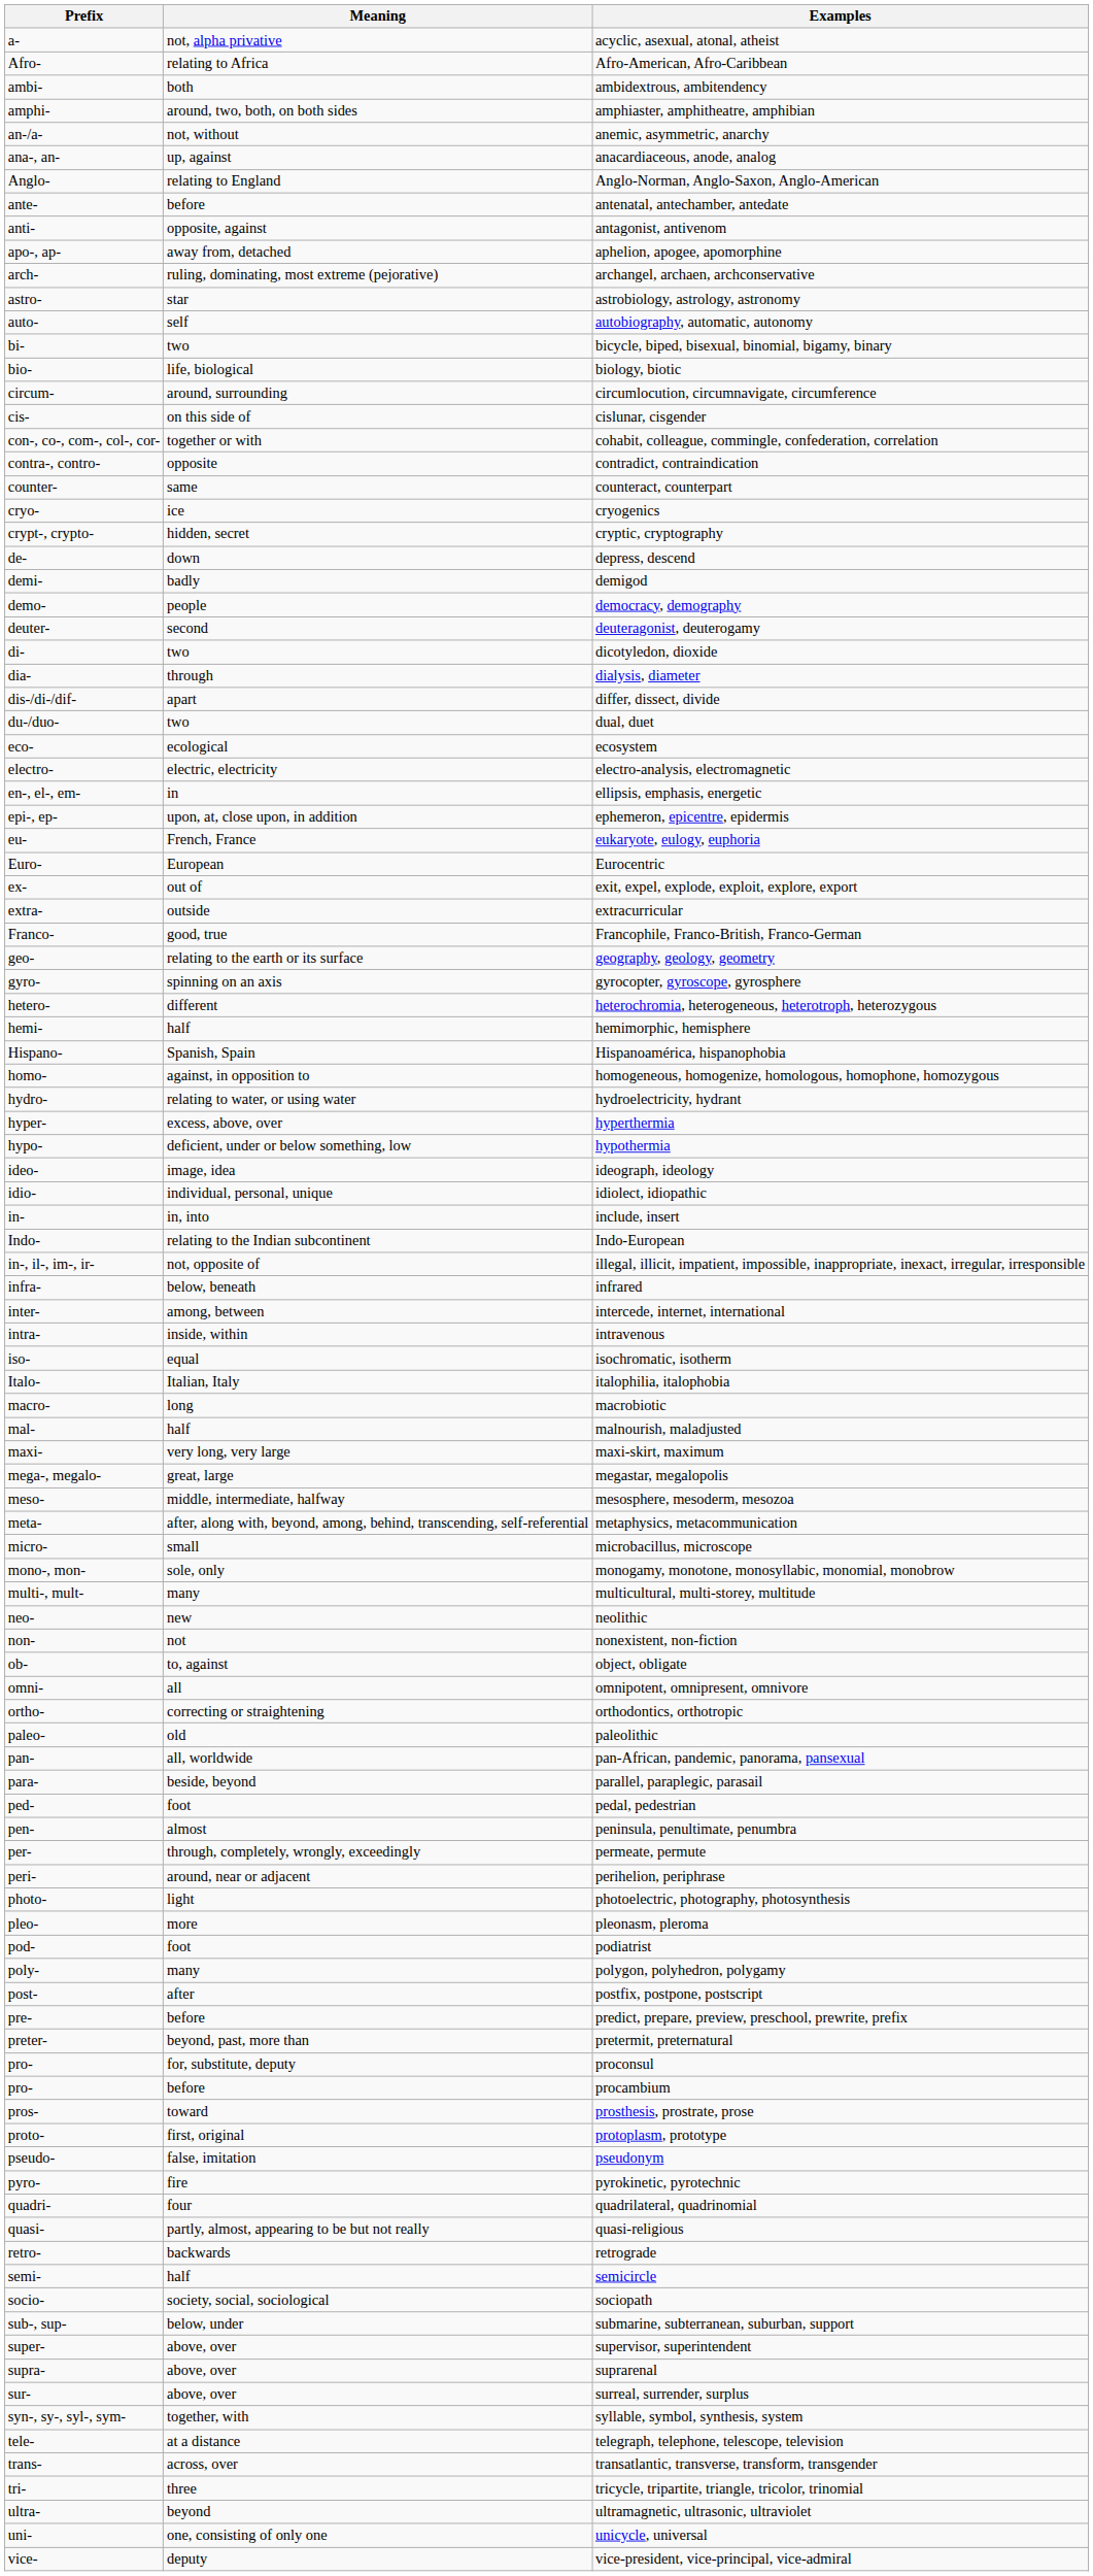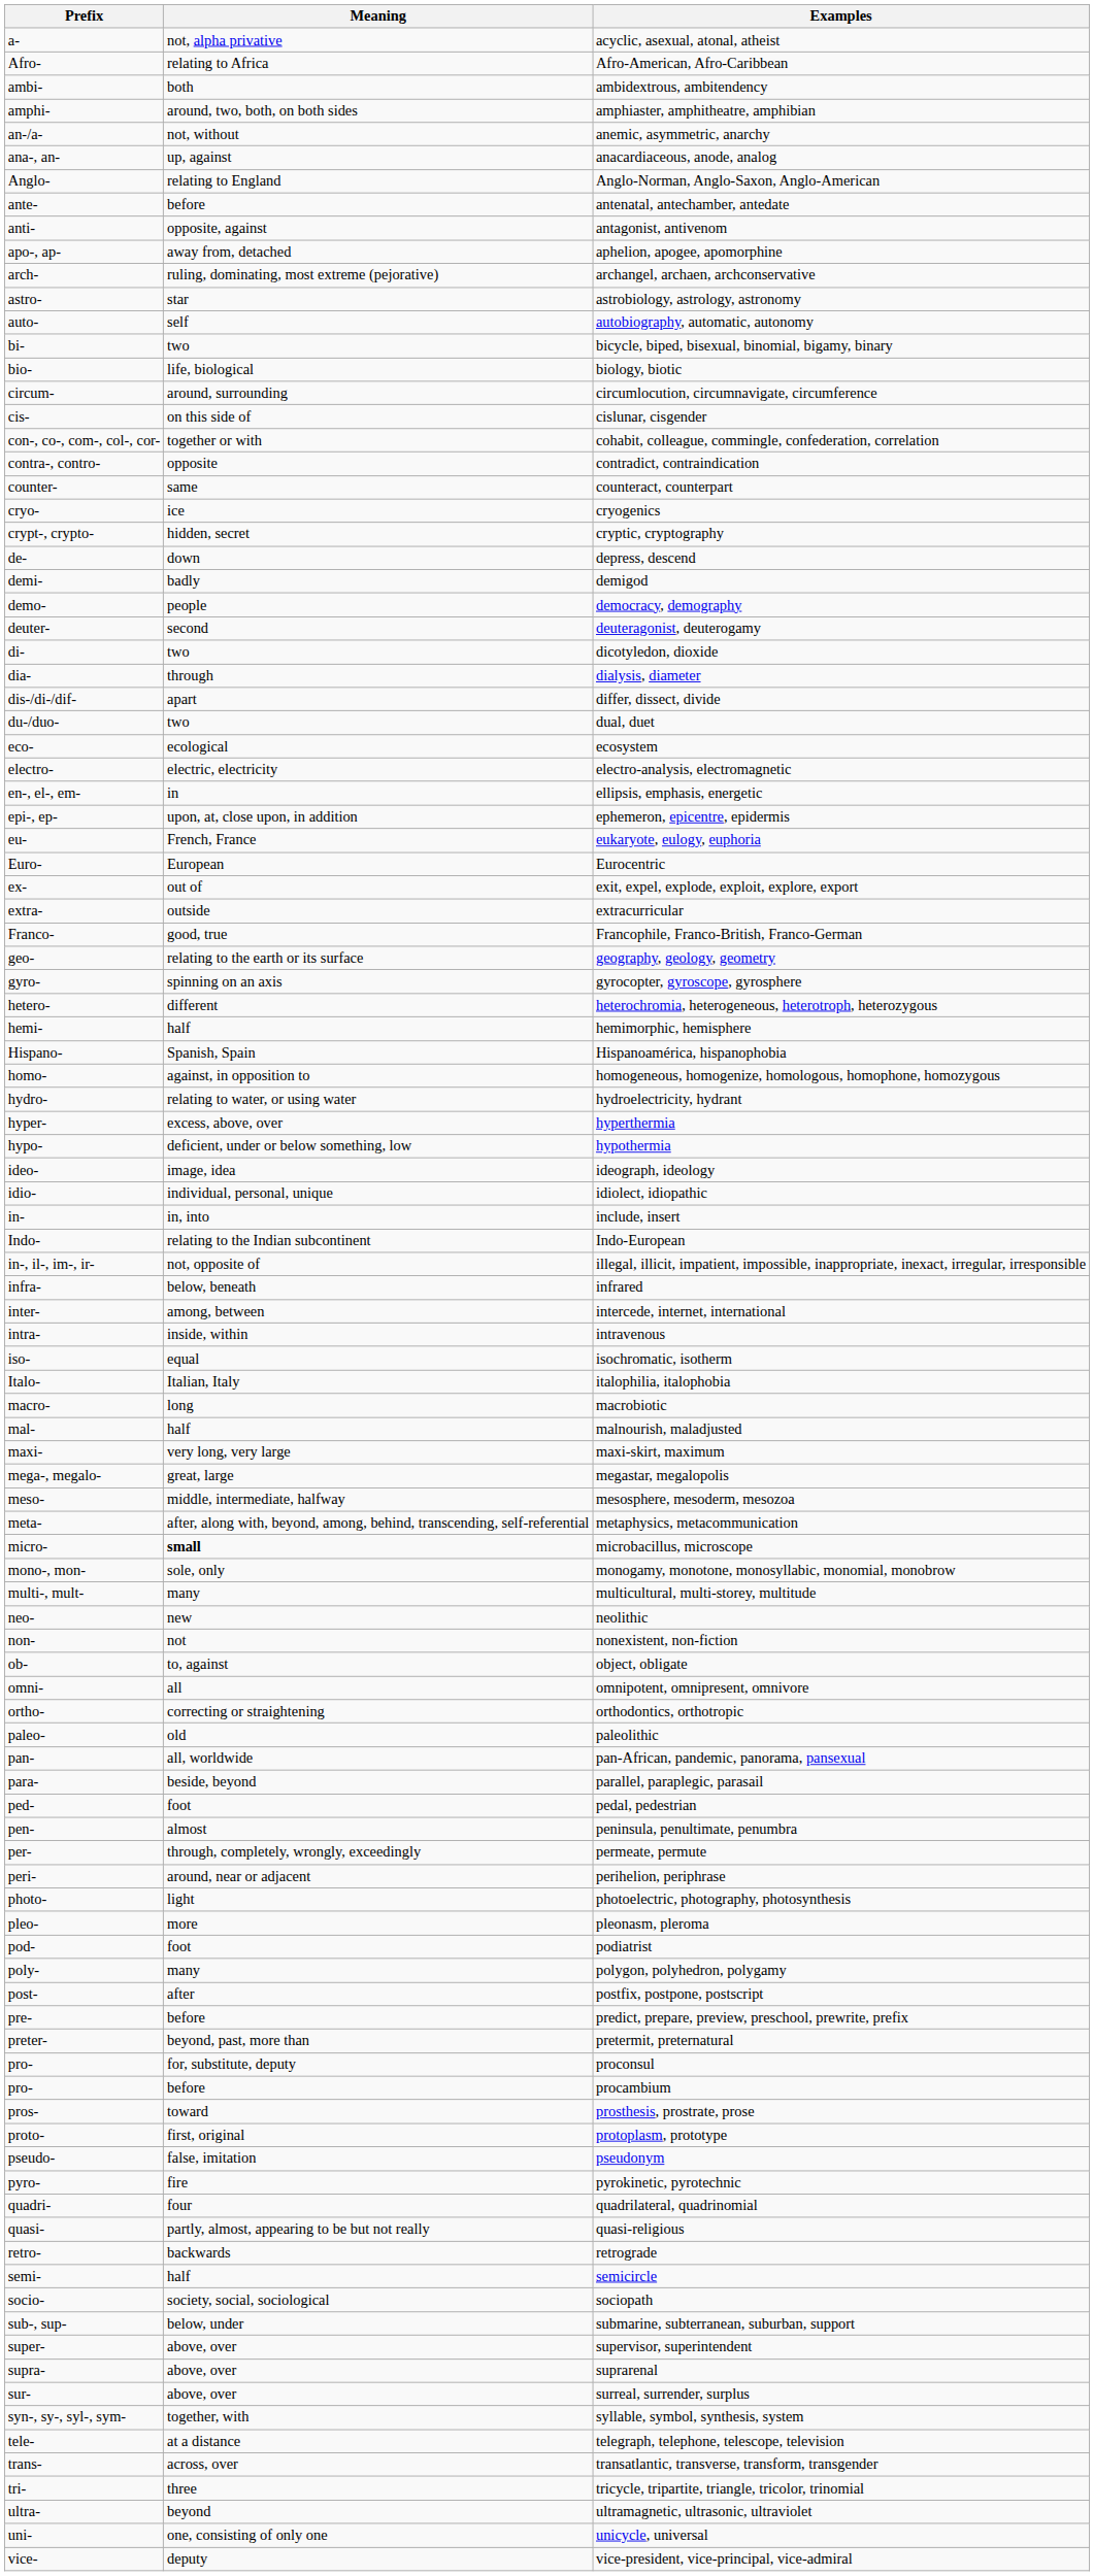 <table class="wikitable">
 <tr>
 <th>Prefix</th>
 <th>Meaning</th>
 <th>Examples</th>
 </tr>
 <tr>
 <td>a-</td>
 <td>not, <a href='#'>alpha privative</a></td>
 <td>acyclic, asexual, atonal, atheist</td>
 </tr>
 <tr>
 <td>Afro-</td>
 <td>relating to Africa</td>
 <td>Afro-American, Afro-Caribbean</td>
 </tr>
 <tr>
 <td>ambi-</td>
 <td>both</td>
 <td>ambidextrous, ambitendency</td>
 </tr>
 <tr>
 <td>amphi-</td>
 <td>around, two, both, on both sides</td>
 <td>amphiaster, amphitheatre, amphibian</td>
 </tr>
 <tr>
 <td>an-/a-</td>
 <td>not, without</td>
 <td>anemic, asymmetric, anarchy</td>
 </tr>
 <tr>
 <td>ana-, an-</td>
 <td>up, against</td>
 <td>anacardiaceous, anode, analog</td>
 </tr>
 <tr>
 <td>Anglo-</td>
 <td>relating to England</td>
 <td>Anglo-Norman, Anglo-Saxon, Anglo-American</td>
 </tr>
 <tr>
 <td>ante-</td>
 <td>before</td>
 <td>antenatal, antechamber, antedate</td>
 </tr>
 <tr>
 <td>anti-</td>
 <td>opposite, against</td>
 <td>antagonist, antivenom</td>
 </tr>
 <tr>
 <td>apo-, ap-</td>
 <td>away from, detached</td>
 <td>aphelion, apogee, apomorphine</td>
 </tr>
 <tr>
 <td>arch-</td>
 <td>ruling, dominating, most extreme (pejorative)</td>
 <td>archangel, archaen, archconservative</td>
 </tr>
 <tr>
 <td>astro-</td>
 <td>star</td>
 <td>astrobiology, astrology, astronomy</td>
 </tr>
 <tr>
 <td>auto-</td>
 <td>self</td>
 <td><a href='#'>autobiography</a>, automatic, autonomy</td>
 </tr>
 <tr>
 <td>bi-</td>
 <td>two</td>
 <td>bicycle, biped, bisexual, binomial, bigamy, binary</td>
 </tr>
 <tr>
 <td>bio-</td>
 <td>life, biological</td>
 <td>biology, biotic</td>
 </tr>
 <tr>
 <td>circum-</td>
 <td>around, surrounding</td>
 <td>circumlocution, circumnavigate, circumference</td>
 </tr>
 <tr>
 <td>cis-</td>
 <td>on this side of</td>
 <td>cislunar, cisgender</td>
 </tr>
 <tr>
 <td>con-, co-, com-, col-, cor-</td>
 <td>together or with</td>
 <td>cohabit, colleague, commingle, confederation, correlation</td>
 </tr>
 <tr>
 <td>contra-, contro-</td>
 <td>opposite</td>
 <td>contradict, contraindication</td>
 </tr>
 <tr>
 <td>counter-</td>
 <td>same</td>
 <td>counteract, counterpart</td>
 </tr>
 <tr>
 <td>cryo-</td>
 <td>ice</td>
 <td>cryogenics</td>
 </tr>
 <tr>
 <td>crypt-, crypto-</td>
 <td>hidden, secret</td>
 <td>cryptic, cryptography</td>
 </tr>
 <tr>
 <td>de-</td>
 <td>down</td>
 <td>depress, descend</td>
 </tr>
 <tr>
 <td>demi-</td>
 <td>badly</td>
 <td>demigod</td>
 </tr>
 <tr>
 <td>demo-</td>
 <td>people</td>
 <td><a href='#'>democracy</a>, <a href='#'>demography</a></td>
 </tr>
 <tr>
 <td>deuter-</td>
 <td>second</td>
 <td><a href='#'>deuteragonist</a>, deuterogamy</td>
 </tr>
 <tr>
 <td>di-</td>
 <td>two</td>
 <td>dicotyledon, dioxide</td>
 </tr>
 <tr>
 <td>dia-</td>
 <td>through</td>
 <td><a href='#'>dialysis</a>, <a href='#'>diameter</a></td>
 </tr>
 <tr>
 <td>dis-/di-/dif-</td>
 <td>apart</td>
 <td>differ, dissect, divide</td>
 </tr>
 <tr>
 <td>du-/duo-</td>
 <td>two</td>
 <td>dual, duet</td>
 </tr>
 <tr>
 <td>eco-</td>
 <td>ecological</td>
 <td>ecosystem</td>
 </tr>
 <tr>
 <td>electro-</td>
 <td>electric, electricity</td>
 <td>electro-analysis, electromagnetic</td>
 </tr>
 <tr>
 <td>en-, el-, em-</td>
 <td>in</td>
 <td>ellipsis, emphasis, energetic</td>
 </tr>
 <tr>
 <td>epi-, ep-</td>
 <td>upon, at, close upon, in addition</td>
 <td>ephemeron, <a href='#'>epicentre</a>, epidermis</td>
 </tr>
 <tr>
 <td>eu-</td>
 <td>French, France</td>
 <td><a href='#'>eukaryote</a>, <a href='#'>eulogy</a>, <a href='#'>euphoria</a></td>
 </tr>
 <tr>
 <td>Euro-</td>
 <td>European</td>
 <td>Eurocentric</td>
 </tr>
 <tr>
 <td>ex-</td>
 <td>out of</td>
 <td>exit, expel, explode, exploit, explore, export</td>
 </tr>
 <tr>
 <td>extra-</td>
 <td>outside</td>
 <td>extracurricular</td>
 </tr>
 <tr>
 <td>Franco-</td>
 <td>good, true</td>
 <td>Francophile, Franco-British, Franco-German</td>
 </tr>
 <tr>
 <td>geo-</td>
 <td>relating to the earth or its surface</td>
 <td><a href='#'>geography</a>, <a href='#'>geology</a>, <a href='#'>geometry</a></td>
 </tr>
 <tr>
 <td>gyro-</td>
 <td>spinning on an axis</td>
 <td>gyrocopter, <a href='#'>gyroscope</a>, gyrosphere</td>
 </tr>
 <tr>
 <td>hetero-</td>
 <td>different</td>
 <td><a href='#'>heterochromia</a>, heterogeneous, <a href='#'>heterotroph</a>, heterozygous</td>
 </tr>
 <tr>
 <td>hemi-</td>
 <td>half</td>
 <td>hemimorphic, hemisphere</td>
 </tr>
 <tr>
 <td>Hispano-</td>
 <td>Spanish, Spain</td>
 <td>Hispanoamérica, hispanophobia</td>
 </tr>
 <tr>
 <td>homo-</td>
 <td>against, in opposition to</td>
 <td>homogeneous, homogenize, homologous, homophone, homozygous</td>
 </tr>
 <tr>
 <td>hydro-</td>
 <td>relating to water, or using water</td>
 <td>hydroelectricity, hydrant</td>
 </tr>
 <tr>
 <td>hyper-</td>
 <td>excess, above, over</td>
 <td><a href='#'>hyperthermia</a></td>
 </tr>
 <tr>
 <td>hypo-</td>
 <td>deficient, under or below something, low</td>
 <td><a href='#'>hypothermia</a></td>
 </tr>
 <tr>
 <td>ideo-</td>
 <td>image, idea</td>
 <td>ideograph, ideology</td>
 </tr>
 <tr>
 <td>idio-</td>
 <td>individual, personal, unique</td>
 <td>idiolect, idiopathic</td>
 </tr>
 <tr>
 <td>in-</td>
 <td>in, into</td>
 <td>include, insert</td>
 </tr>
 <tr>
 <td>Indo-</td>
 <td>relating to the Indian subcontinent</td>
 <td>Indo-European</td>
 </tr>
 <tr>
 <td>in-, il-, im-, ir-</td>
 <td>not, opposite of</td>
 <td>illegal, illicit, impatient, impossible, inappropriate, inexact, irregular, irresponsible</td>
 </tr>
 <tr>
 <td>infra-</td>
 <td>below, beneath</td>
 <td>infrared</td>
 </tr>
 <tr>
 <td>inter-</td>
 <td>among, between</td>
 <td>intercede, internet, international</td>
 </tr>
 <tr>
 <td>intra-</td>
 <td>inside, within</td>
 <td>intravenous</td>
 </tr>
 <tr>
 <td>iso-</td>
 <td>equal</td>
 <td>isochromatic, isotherm</td>
 </tr>
 <tr>
 <td>Italo-</td>
 <td>Italian, Italy</td>
 <td>italophilia, italophobia</td>
 </tr>
 <tr>
 <td>macro-</td>
 <td>long</td>
 <td>macrobiotic</td>
 </tr>
 <tr>
 <td>mal-</td>
 <td>half</td>
 <td>malnourish, maladjusted</td>
 </tr>
 <tr>
 <td>maxi-</td>
 <td>very long, very large</td>
 <td>maxi-skirt, maximum</td>
 </tr>
 <tr>
 <td>mega-, megalo-</td>
 <td>great, large</td>
 <td>megastar, megalopolis</td>
 </tr>
 <tr>
 <td>meso-</td>
 <td>middle, intermediate, halfway</td>
 <td>mesosphere, mesoderm, mesozoa</td>
 </tr>
 <tr>
 <td>meta-</td>
 <td>after, along with, beyond, among, behind, transcending, self-referential</td>
 <td>metaphysics, metacommunication</td>
 </tr>
 <tr>
 <td>micro-</td>
-<td>small</td>
+<td><strong>small</strong></td>
 <td>microbacillus, microscope</td>
 </tr>
 <tr>
 <td>mono-, mon-</td>
 <td>sole, only</td>
 <td>monogamy, monotone, monosyllabic, monomial, monobrow</td>
 </tr>
 <tr>
 <td>multi-, mult-</td>
 <td>many</td>
 <td>multicultural, multi-storey, multitude</td>
 </tr>
 <tr>
 <td>neo-</td>
 <td>new</td>
 <td>neolithic</td>
 </tr>
 <tr>
 <td>non-</td>
 <td>not</td>
 <td>nonexistent, non-fiction</td>
 </tr>
 <tr>
 <td>ob-</td>
 <td>to, against</td>
 <td>object, obligate</td>
 </tr>
 <tr>
 <td>omni-</td>
 <td>all</td>
 <td>omnipotent, omnipresent, omnivore</td>
 </tr>
 <tr>
 <td>ortho-</td>
 <td>correcting or straightening</td>
 <td>orthodontics, orthotropic</td>
 </tr>
 <tr>
 <td>paleo-</td>
 <td>old</td>
 <td>paleolithic</td>
 </tr>
 <tr>
 <td>pan-</td>
 <td>all, worldwide</td>
 <td>pan-African, pandemic, panorama, <a href='#'>pansexual</a></td>
 </tr>
 <tr>
 <td>para-</td>
 <td>beside, beyond</td>
 <td>parallel, paraplegic, parasail</td>
 </tr>
 <tr>
 <td>ped-</td>
 <td>foot</td>
 <td>pedal, pedestrian</td>
 </tr>
 <tr>
 <td>pen-</td>
 <td>almost</td>
 <td>peninsula, penultimate, penumbra</td>
 </tr>
 <tr>
 <td>per-</td>
 <td>through, completely, wrongly, exceedingly</td>
 <td>permeate, permute</td>
 </tr>
 <tr>
 <td>peri-</td>
 <td>around, near or adjacent</td>
 <td>perihelion, periphrase</td>
 </tr>
 <tr>
 <td>photo-</td>
 <td>light</td>
 <td>photoelectric, photography, photosynthesis</td>
 </tr>
 <tr>
 <td>pleo-</td>
 <td>more</td>
 <td>pleonasm, pleroma</td>
 </tr>
 <tr>
 <td>pod-</td>
 <td>foot</td>
 <td>podiatrist</td>
 </tr>
 <tr>
 <td>poly-</td>
 <td>many</td>
 <td>polygon, polyhedron, polygamy</td>
 </tr>
 <tr>
 <td>post-</td>
 <td>after</td>
 <td>postfix, postpone, postscript</td>
 </tr>
 <tr>
 <td>pre-</td>
 <td>before</td>
 <td>predict, prepare, preview, preschool, prewrite, prefix</td>
 </tr>
 <tr>
 <td>preter-</td>
 <td>beyond, past, more than</td>
 <td>pretermit, preternatural</td>
 </tr>
 <tr>
 <td>pro-</td>
 <td>for, substitute, deputy</td>
 <td>proconsul</td>
 </tr>
 <tr>
 <td>pro-</td>
 <td>before</td>
 <td>procambium</td>
 </tr>
 <tr>
 <td>pros-</td>
 <td>toward</td>
 <td><a href='#'>prosthesis</a>, prostrate, prose</td>
 </tr>
 <tr>
 <td>proto-</td>
 <td>first, original</td>
 <td><a href='#'>protoplasm</a>, prototype</td>
 </tr>
 <tr>
 <td>pseudo-</td>
 <td>false, imitation</td>
 <td><a href='#'>pseudonym</a></td>
 </tr>
 <tr>
 <td>pyro-</td>
 <td>fire</td>
 <td>pyrokinetic, pyrotechnic</td>
 </tr>
 <tr>
 <td>quadri-</td>
 <td>four</td>
 <td>quadrilateral, quadrinomial</td>
 </tr>
 <tr>
 <td>quasi-</td>
 <td>partly, almost, appearing to be but not really</td>
 <td>quasi-religious</td>
 </tr>
 <tr>
 <td>retro-</td>
 <td>backwards</td>
 <td>retrograde</td>
 </tr>
 <tr>
 <td>semi-</td>
 <td>half</td>
 <td><a href='#'>semicircle</a></td>
 </tr>
 <tr>
 <td>socio-</td>
 <td>society, social, sociological</td>
 <td>sociopath</td>
 </tr>
 <tr>
 <td>sub-, sup-</td>
 <td>below, under</td>
 <td>submarine, subterranean, suburban, support</td>
 </tr>
 <tr>
 <td>super-</td>
 <td>above, over</td>
 <td>supervisor, superintendent</td>
 </tr>
 <tr>
 <td>supra-</td>
 <td>above, over</td>
 <td>suprarenal</td>
 </tr>
 <tr>
 <td>sur-</td>
 <td>above, over</td>
 <td>surreal, surrender, surplus</td>
 </tr>
 <tr>
 <td>syn-, sy-, syl-, sym-</td>
 <td>together, with</td>
 <td>syllable, symbol, synthesis, system</td>
 </tr>
 <tr>
 <td>tele-</td>
 <td>at a distance</td>
 <td>telegraph, telephone, telescope, television</td>
 </tr>
 <tr>
 <td>trans-</td>
 <td>across, over</td>
 <td>transatlantic, transverse, transform, transgender</td>
 </tr>
 <tr>
 <td>tri-</td>
 <td>three</td>
 <td>tricycle, tripartite, triangle, tricolor, trinomial</td>
 </tr>
 <tr>
 <td>ultra-</td>
 <td>beyond</td>
 <td>ultramagnetic, ultrasonic, ultraviolet</td>
 </tr>
 <tr>
 <td>uni-</td>
 <td>one, consisting of only one</td>
 <td><a href='#'>unicycle</a>, universal</td>
 </tr>
 <tr>
 <td>vice-</td>
 <td>deputy</td>
 <td>vice-president, vice-principal, vice-admiral</td>
 </tr>
 </table>
